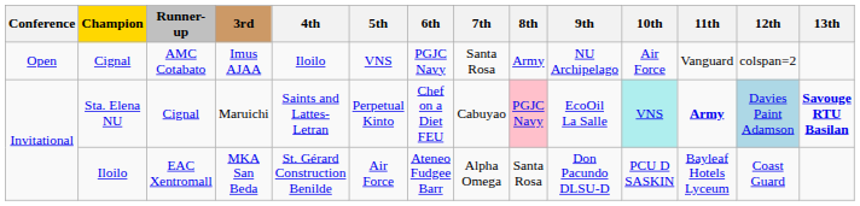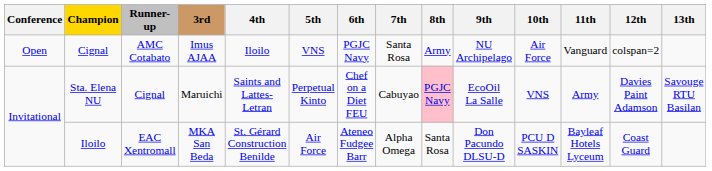 <table class="wikitable" style="font-size:100%; text-align:center;">
 <tr>
 <th width=5%>Conference</th>
 <th width=9% style="background:gold;">Champion</th>
 <th width=9% style="background:silver;">Runner-up</th>
 <th width=9% style="background:#CC9966;">3rd</th>
 <th width=9%>4th</th>
 <th width=9%>5th</th>
 <th width=9%>6th</th>
 <th width=9%>7th</th>
 <th width=9%>8th</th>
 <th width=9%>9th</th>
 <th width=9%>10th</th>
 <th width=9%>11th</th>
 <th width=9%>12th</th>
 <th width=9%>13th</th>
 </tr>
 <tr>
 <td><a href='#'>Open</a></td>
 <td><a href='#'>Cignal</a></td>
 <td><a href='#'>AMC Cotabato</a></td>
 <td><a href='#'>Imus<br>AJAA</a></td>
 <td><a href='#'>Iloilo</a></td>
 <td><a href='#'>VNS</a></td>
 <td><a href='#'>PGJC<br>Navy</a></td>
 <td>Santa Rosa</td>
 <td><a href='#'>Army</a></td>
 <td><a href='#'>NU<br>Archipelago</a></td>
 <td><a href='#'>Air Force</a></td>
 <td>Vanguard</td>
 <td>colspan=2 </td>
 </tr>
 <tr>
 <td rowspan=2><a href='#'>Invitational</a></td>
 <td><a href='#'>Sta. Elena<br>NU</a></td>
 <td><a href='#'>Cignal</a></td>
 <td>Maruichi</td>
 <td><a href='#'>Saints and Lattes-Letran</a></td>
 <td><a href='#'>Perpetual<br>Kinto</a></td>
 <td><a href='#'>Chef on a Diet<br>FEU</a></td>
 <td>Cabuyao</td>
 <td style="background: pink;"><a href='#'>PGJC<br>Navy</a></td>
 <td><a href='#'>EcoOil<br>La Salle</a></td>
-<td style="background: paleturquoise;"><a href='#'>VNS</a></td>
-<td><strong><a href='#'>Army</a></strong></td>
-<td style="background: lightblue;"><a href='#'>Davies Paint<br>Adamson</a></td>
-<td><strong><a href='#'>Savouge RTU<br>Basilan</a></strong></td>
+<td><a href='#'>VNS</a></td>
+<td><a href='#'>Army</a></td>
+<td><a href='#'>Davies Paint<br>Adamson</a></td>
+<td><a href='#'>Savouge RTU<br>Basilan</a></td>
 </tr>
 <tr>
 <td><a href='#'>Iloilo</a><br></td>
 <td><a href='#'>EAC<br>Xentromall</a><br></td>
 <td><a href='#'>MKA<br>San Beda</a><br></td>
 <td><a href='#'>St. Gérard Construction<br>Benilde</a><br></td>
 <td><a href='#'>Air Force</a><br></td>
 <td><a href='#'>Ateneo<br>Fudgee Barr</a><br></td>
 <td>Alpha Omega<br></td>
 <td>Santa Rosa<br></td>
 <td><a href='#'>Don Pacundo<br>DLSU-D</a><br></td>
 <td><a href='#'>PCU D<br>SASKIN</a><br></td>
 <td><a href='#'>Bayleaf Hotels<br>Lyceum</a><br></td>
 <td><a href='#'>Coast Guard</a><br></td>
 <td></td>
 </tr>
 </table>
